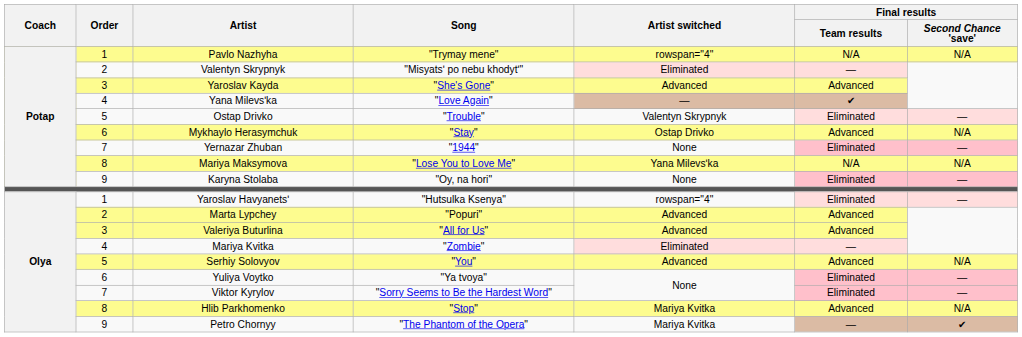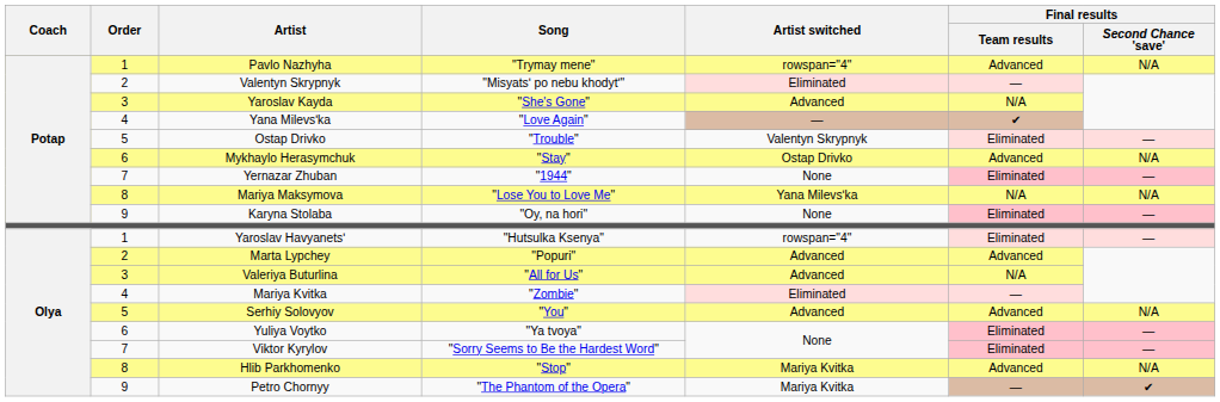 <table class="wikitable" style="text-align:center; line-height:17px; width:100%">
 <tr>
 <th rowspan="2" width="03%">Coach</th>
 <th rowspan="2" width="02%">Order</th>
 <th rowspan="2" width="10%">Artist</th>
 <th rowspan="2" width="10%">Song</th>
 <th rowspan="2" width="10%">Artist switched</th>
 <th colspan="2">Final results</th>
 </tr>
 <tr>
 <th width="05%">Team results</th>
 <th width="05%"><em>Second Chance</em> 'save'</th>
 </tr>
 <tr style="background:#fdfc8f">
 <th rowspan="9" scope="row">Potap</th>
 <td scope="row">1</td>
 <td>Pavlo Nazhyha</td>
 <td>"Trymay mene"</td>
 <td>rowspan="4" </td>
-<td>N/A</td>
+<td>Advanced</td>
 <td>N/A</td>
 </tr>
 <tr>
 <td scope="row">2</td>
 <td>Valentyn Skrypnyk</td>
 <td>"Misyatsʹ po nebu khodytʹ"</td>
 <td style="background:#ffdddd">Eliminated</td>
 <td style="background:#ffdddd">—</td>
 </tr>
 <tr style="background:#fdfc8f">
 <td scope="row">3</td>
 <td>Yaroslav Kayda</td>
 <td>"<a href='#'>She's Gone</a>"</td>
 <td>Advanced</td>
-<td>Advanced</td>
+<td>N/A</td>
 </tr>
 <tr>
 <td scope="row">4</td>
 <td>Yana Milevsʹka</td>
 <td>"<a href='#'>Love Again</a>"</td>
 <td style="background:#dbbba4">—</td>
 <td style="background:#dbbba4">✔</td>
 </tr>
 <tr>
 <td scope="row">5</td>
 <td>Ostap Drivko</td>
 <td>"<a href='#'>Trouble</a>"</td>
 <td>Valentyn Skrypnyk</td>
 <td style="background:#ffdddd">Eliminated</td>
 <td style="background:#ffdddd">—</td>
 </tr>
 <tr style="background:#fdfc8f">
 <td scope="row">6</td>
 <td>Mykhaylo Herasymchuk</td>
 <td>"<a href='#'>Stay</a>"</td>
 <td>Ostap Drivko</td>
 <td>Advanced</td>
 <td>N/A</td>
 </tr>
 <tr>
 <td scope="row">7</td>
 <td>Yernazar Zhuban</td>
 <td>"<a href='#'>1944</a>"</td>
 <td>None</td>
 <td style="background:pink">Eliminated</td>
 <td style="background:pink">—</td>
 </tr>
 <tr style="background:#fdfc8f">
 <td scope="row">8</td>
 <td>Mariya Maksymova</td>
 <td>"<a href='#'>Lose You to Love Me</a>"</td>
 <td>Yana Milevsʹka</td>
 <td>N/A</td>
 <td>N/A</td>
 </tr>
 <tr>
 <td scope="row">9</td>
 <td>Karyna Stolaba</td>
 <td>"Oy, na hori"</td>
 <td>None</td>
 <td style="background:pink">Eliminated</td>
 <td style="background:pink">—</td>
 </tr>
 <tr>
 <td style="background:#555" colspan="8"></td>
 </tr>
 <tr>
 <th rowspan="9" scope="row">Olya</th>
 <td scope="row">1</td>
 <td>Yaroslav Havyanetsʹ</td>
 <td>"Hutsulka Ksenya"</td>
 <td>rowspan="4" </td>
 <td style="background:#ffdddd">Eliminated</td>
 <td style="background:#ffdddd">—</td>
 </tr>
 <tr style="background:#fdfc8f">
 <td scope="row">2</td>
 <td>Marta Lypchey</td>
 <td>"Popuri"</td>
 <td>Advanced</td>
 <td>Advanced</td>
 </tr>
 <tr style="background:#fdfc8f">
 <td scope="row">3</td>
 <td>Valeriya Buturlina</td>
 <td>"<a href='#'>All for Us</a>"</td>
 <td>Advanced</td>
-<td>Advanced</td>
+<td>N/A</td>
 </tr>
 <tr>
 <td scope="row">4</td>
 <td>Mariya Kvitka</td>
 <td>"<a href='#'>Zombie</a>"</td>
 <td style="background:#ffdddd">Eliminated</td>
 <td style="background:#ffdddd">—</td>
 </tr>
 <tr style="background:#fdfc8f">
 <td scope="row">5</td>
 <td>Serhiy Solovyov</td>
 <td>"<a href='#'>You</a>"</td>
 <td>Advanced</td>
 <td>Advanced</td>
 <td>N/A</td>
 </tr>
 <tr>
 <td scope="row">6</td>
 <td>Yuliya Voytko</td>
 <td>"Ya tvoya"</td>
 <td rowspan="2">None</td>
 <td style="background:pink">Eliminated</td>
 <td style="background:pink">—</td>
 </tr>
 <tr>
 <td scope="row">7</td>
 <td>Viktor Kyrylov</td>
 <td>"<a href='#'>Sorry Seems to Be the Hardest Word</a>"</td>
 <td style="background:pink">Eliminated</td>
 <td style="background:pink">—</td>
 </tr>
 <tr style="background:#fdfc8f">
 <td scope="row">8</td>
 <td>Hlib Parkhomenko</td>
 <td>"<a href='#'>Stop</a>"</td>
 <td>Mariya Kvitka</td>
 <td>Advanced</td>
 <td>N/A</td>
 </tr>
 <tr>
 <td scope="row">9</td>
 <td>Petro Chornyy</td>
 <td>"<a href='#'>The Phantom of the Opera</a>"</td>
 <td>Mariya Kvitka</td>
 <td style="background:#dbbba4">—</td>
 <td style="background:#dbbba4">✔</td>
 </tr>
 </table>
